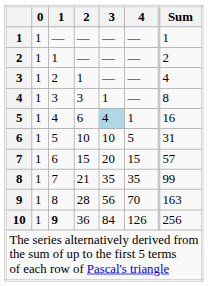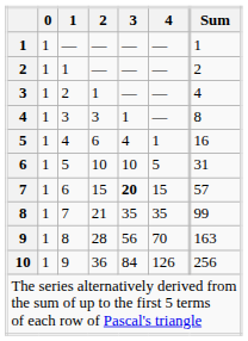 <table class="wikitable defaultright col1center" style="float:right; margin-left:1ex; border:#cccccc double;">
 <tr>
 <th></th>
 <th>0</th>
 <th>1</th>
 <th>2</th>
 <th>3</th>
 <th>4</th>
 <th rowspan="11" style="padding:0;"></th>
 <th>Sum</th>
 </tr>
 <tr>
 <th>1</th>
 <td>1</td>
 <td>—</td>
 <td>—</td>
 <td>—</td>
 <td>—</td>
 <td>1</td>
 </tr>
 <tr>
 <th>2</th>
 <td>1</td>
 <td>1</td>
 <td>—</td>
 <td>—</td>
 <td>—</td>
 <td>2</td>
 </tr>
 <tr>
 <th>3</th>
 <td>1</td>
 <td>2</td>
 <td>1</td>
 <td>—</td>
 <td>—</td>
 <td>4</td>
 </tr>
 <tr>
 <th>4</th>
 <td>1</td>
 <td>3</td>
 <td>3</td>
 <td>1</td>
 <td>—</td>
 <td>8</td>
 </tr>
 <tr>
 <th>5</th>
 <td>1</td>
 <td>4</td>
 <td>6</td>
-<td style="background: lightblue;">4</td>
+<td>4</td>
 <td>1</td>
 <td>16</td>
 </tr>
 <tr>
 <th>6</th>
 <td>1</td>
 <td>5</td>
 <td>10</td>
 <td>10</td>
 <td>5</td>
 <td>31</td>
 </tr>
 <tr>
 <th>7</th>
 <td>1</td>
 <td>6</td>
 <td>15</td>
-<td>20</td>
+<td><strong>20</strong></td>
 <td>15</td>
 <td>57</td>
 </tr>
 <tr>
 <th>8</th>
 <td>1</td>
 <td>7</td>
 <td>21</td>
 <td>35</td>
 <td>35</td>
 <td>99</td>
 </tr>
 <tr>
 <th>9</th>
 <td>1</td>
 <td>8</td>
 <td>28</td>
 <td>56</td>
 <td>70</td>
 <td>163</td>
 </tr>
 <tr>
 <th>10</th>
 <td>1</td>
-<td><strong>9</strong></td>
+<td>9</td>
 <td>36</td>
 <td>84</td>
 <td>126</td>
 <td>256</td>
 </tr>
 <tr>
 <td colspan="8">The series alternatively derived from<br>the sum of up to the first 5 terms<br>of each row of <a href='#'>Pascal's triangle</a></td>
 </tr>
 </table>
